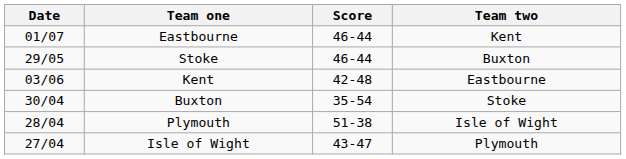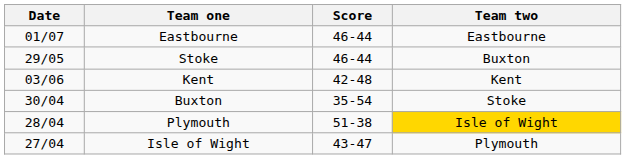 <table class="wikitable" style="text-align: center">
 <tr>
 <th width=80>Date</th>
 <th width=250>Team one</th>
 <th width=80>Score</th>
 <th width=250>Team two</th>
 </tr>
 <tr>
 <td>01/07</td>
 <td>Eastbourne</td>
 <td>46-44</td>
-<td>Kent</td>
+<td>Eastbourne</td>
 </tr>
 <tr>
 <td>29/05</td>
 <td>Stoke</td>
 <td>46-44</td>
 <td>Buxton</td>
 </tr>
 <tr>
 <td>03/06</td>
 <td>Kent</td>
 <td>42-48</td>
-<td>Eastbourne</td>
+<td>Kent</td>
 </tr>
 <tr>
 <td>30/04</td>
 <td>Buxton</td>
 <td>35-54</td>
 <td>Stoke</td>
 </tr>
 <tr>
 <td>28/04</td>
 <td>Plymouth</td>
 <td>51-38</td>
-<td>Isle of Wight</td>
+<td style="background: gold;">Isle of Wight</td>
 </tr>
 <tr>
 <td>27/04</td>
 <td>Isle of Wight</td>
 <td>43-47</td>
 <td>Plymouth</td>
 </tr>
 </table>
